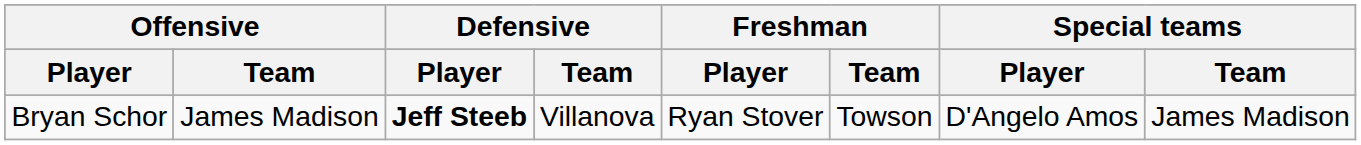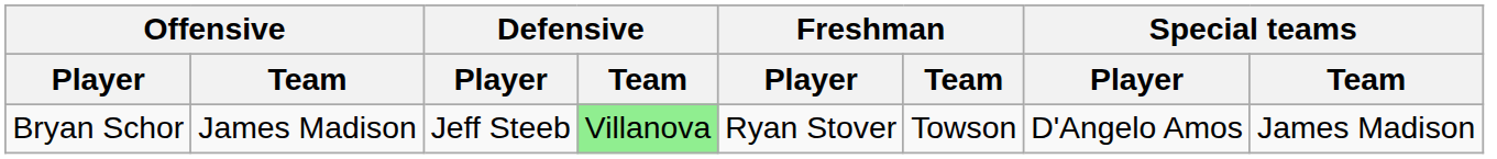 <table class="wikitable" border="1">
 <tr>
 <th colspan="2">Offensive</th>
 <th colspan="2">Defensive</th>
 <th colspan="2">Freshman</th>
 <th colspan="2">Special teams</th>
 </tr>
 <tr>
 <th>Player</th>
 <th>Team</th>
 <th>Player</th>
 <th>Team</th>
 <th>Player</th>
 <th>Team</th>
 <th>Player</th>
 <th>Team</th>
 </tr>
 <tr>
 <td>Bryan Schor</td>
 <td>James Madison</td>
-<td><strong>Jeff Steeb</strong></td>
-<td>Villanova</td>
+<td>Jeff Steeb</td>
+<td style="background: lightgreen;">Villanova</td>
 <td>Ryan Stover</td>
 <td>Towson</td>
 <td>D'Angelo Amos</td>
 <td>James Madison</td>
 </tr>
 </table>
